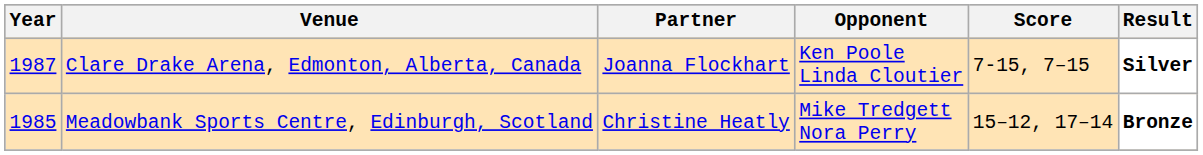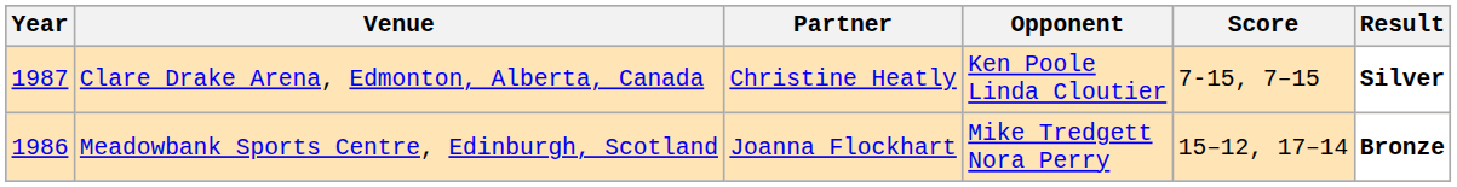 <table class="sortable wikitable" style="font-size: 90%;">
 <tr>
 <th>Year</th>
 <th>Venue</th>
 <th>Partner</th>
 <th>Opponent</th>
 <th>Score</th>
 <th>Result</th>
 </tr>
 <tr style="background:#FFE4B5">
 <td align="center"><a href='#'>1987</a></td>
 <td align="left"><a href='#'>Clare Drake Arena</a>, <a href='#'>Edmonton, Alberta, Canada</a></td>
-<td align="left"> <a href='#'>Joanna Flockhart</a></td>
+<td align="left"> <a href='#'>Christine Heatly</a></td>
 <td align="left"> <a href='#'>Ken Poole</a><br>  <a href='#'>Linda Cloutier</a></td>
 <td align="left">7-15, 7–15</td>
 <td style="text-align:left; background:white"> <strong>Silver</strong></td>
 </tr>
 <tr style="background:#FFE4B5">
-<td align="center"><a href='#'>1985</a></td>
+<td align="center"><a href='#'>1986</a></td>
 <td align="left"><a href='#'>Meadowbank Sports Centre</a>, <a href='#'>Edinburgh, Scotland</a></td>
-<td align="left"> <a href='#'>Christine Heatly</a></td>
+<td align="left"> <a href='#'>Joanna Flockhart</a></td>
 <td align="left"> <a href='#'>Mike Tredgett</a><br> <a href='#'>Nora Perry</a></td>
 <td align="left">15–12, 17–14</td>
 <td style="text=align:left; background:white"> <strong>Bronze</strong></td>
 </tr>
 </table>
